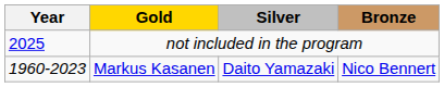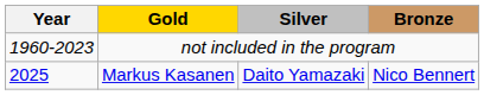 <table class="wikitable">
 <tr>
 <th>Year</th>
 <td align=center bgcolor=gold><strong>Gold</strong></td>
 <td align=center bgcolor=silver><strong>Silver</strong></td>
 <td align=center bgcolor=cc9966><strong>Bronze</strong></td>
 </tr>
 <tr>
-<td><a href='#'>2025</a></td>
+<td><em>1960-2023</em></td>
 <td colspan=3 align=center><em>not included in the program</em></td>
 </tr>
 <tr>
-<td><em>1960-2023</em></td>
+<td><a href='#'>2025</a></td>
 <td> <a href='#'>Markus Kasanen</a></td>
 <td> <a href='#'>Daito Yamazaki</a></td>
 <td> <a href='#'>Nico Bennert</a></td>
 </tr>
 </table>
